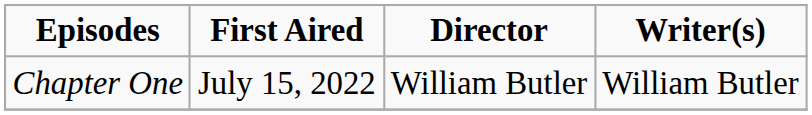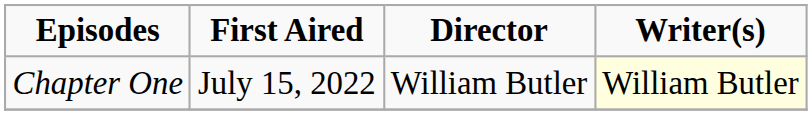 <table class="wikitable" border="4">
 <tr>
 <td align="center"><strong>Episodes</strong></td>
 <td align="center"><strong>First Aired</strong></td>
 <td align="center"><strong>Director</strong></td>
 <td align="center"><strong>Writer(s)</strong></td>
 </tr>
 <tr>
 <td><em>Chapter One</em></td>
 <td align="center">July 15, 2022</td>
 <td align="center">William Butler</td>
-<td align="center">William Butler</td>
+<td align="center" style="background: lightyellow;">William Butler</td>
 </tr>
 <tr>
 </tr>
 </table>
